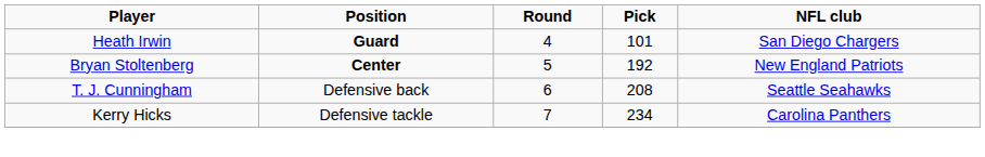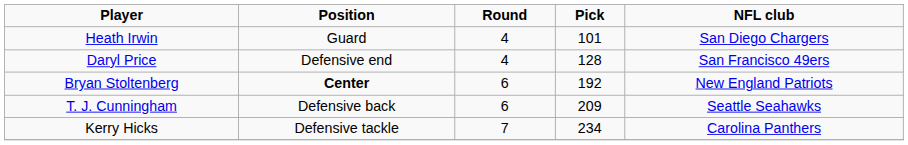 <table class="wikitable" width="80%">
 <tr align="center">
 <td><strong>Player</strong></td>
 <td><strong>Position</strong></td>
 <td><strong>Round</strong></td>
 <td><strong>Pick</strong></td>
 <td><strong>NFL club</strong></td>
 </tr>
 <tr align="center" bgcolor="">
 <td><a href='#'>Heath Irwin</a></td>
-<td><strong>Guard</strong></td>
+<td>Guard</td>
 <td>4</td>
 <td>101</td>
 <td><a href='#'>San Diego Chargers</a></td>
 </tr>
 <tr align="center" bgcolor="">
+<td><a href='#'>Daryl Price</a></td>
+<td>Defensive end</td>
+<td>4</td>
+<td>128</td>
+<td><a href='#'>San Francisco 49ers</a></td>
+</tr>
+<tr align="center" bgcolor="">
 <td><a href='#'>Bryan Stoltenberg</a></td>
 <td><strong>Center</strong></td>
-<td>5</td>
+<td>6</td>
 <td>192</td>
 <td><a href='#'>New England Patriots</a></td>
 </tr>
 <tr align="center" bgcolor="">
 <td><a href='#'>T. J. Cunningham</a></td>
 <td>Defensive back</td>
 <td>6</td>
-<td>208</td>
+<td>209</td>
 <td><a href='#'>Seattle Seahawks</a></td>
 </tr>
 <tr align="center" bgcolor="">
 <td>Kerry Hicks</td>
 <td>Defensive tackle</td>
 <td>7</td>
 <td>234</td>
 <td><a href='#'>Carolina Panthers</a></td>
 </tr>
 <tr align="center" bgcolor="">
 </tr>
 </table>
